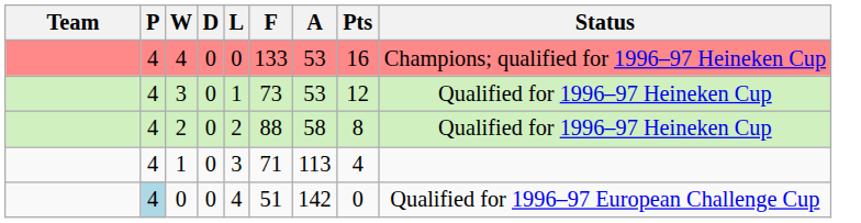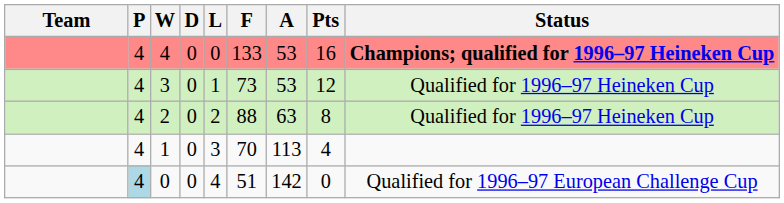 <table class="wikitable" style="text-align:center">
 <tr>
 <th width="90px">Team</th>
 <th>P</th>
 <th>W</th>
 <th>D</th>
 <th>L</th>
 <th width="23px">F</th>
 <th width="23px">A</th>
 <th width="23px">Pts</th>
 <th>Status</th>
 </tr>
 <tr bgcolor="#FF8888">
 <td></td>
 <td>4</td>
 <td>4</td>
 <td>0</td>
 <td>0</td>
 <td>133</td>
 <td>53</td>
 <td>16</td>
-<td>Champions; qualified for <a href='#'>1996–97 Heineken Cup</a></td>
+<td><strong>Champions; qualified for <a href='#'>1996–97 Heineken Cup</a></strong></td>
 </tr>
 <tr bgcolor="#D0F0C0">
 <td></td>
 <td>4</td>
 <td>3</td>
 <td>0</td>
 <td>1</td>
 <td>73</td>
 <td>53</td>
 <td>12</td>
 <td>Qualified for <a href='#'>1996–97 Heineken Cup</a></td>
 </tr>
 <tr bgcolor="#D0F0C0">
 <td></td>
 <td>4</td>
 <td>2</td>
 <td>0</td>
 <td>2</td>
 <td>88</td>
-<td>58</td>
+<td>63</td>
 <td>8</td>
 <td>Qualified for <a href='#'>1996–97 Heineken Cup</a></td>
 </tr>
 <tr>
 <td></td>
 <td>4</td>
 <td>1</td>
 <td>0</td>
 <td>3</td>
-<td>71</td>
+<td>70</td>
 <td>113</td>
 <td>4</td>
 <td></td>
 </tr>
 <tr>
 <td></td>
 <td style="background: lightblue;">4</td>
 <td>0</td>
 <td>0</td>
 <td>4</td>
 <td>51</td>
 <td>142</td>
 <td>0</td>
 <td>Qualified for <a href='#'>1996–97 European Challenge Cup</a></td>
 </tr>
 </table>
